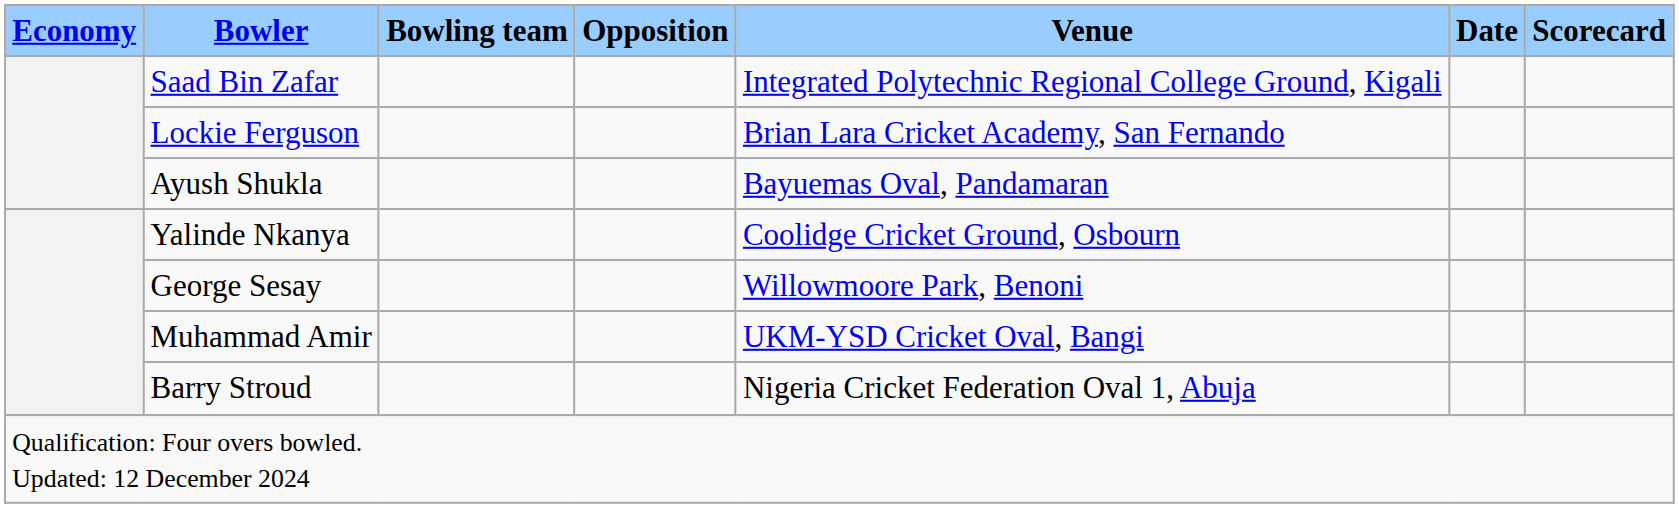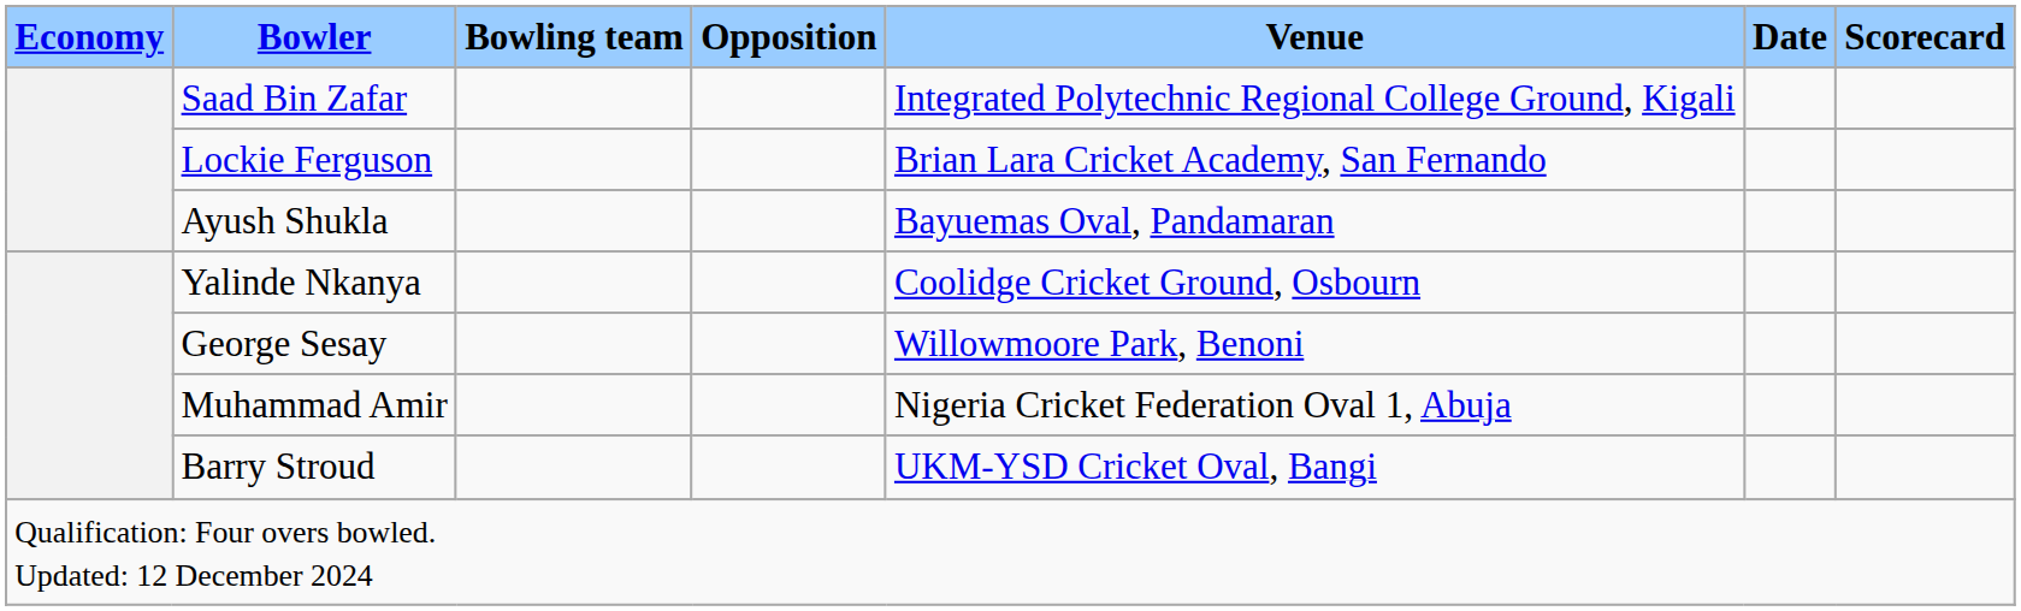 <table class="wikitable sortable defaultleft" style="font-size: 95%">
 <tr>
 <th scope="col" style="background-color:#9cf;"><a href='#'>Economy</a></th>
 <th scope="col" style="background-color:#9cf;"><a href='#'>Bowler</a></th>
 <th scope="col" style="background-color:#9cf;">Bowling team</th>
 <th scope="col" style="background-color:#9cf;">Opposition</th>
 <th scope="col" style="background-color:#9cf;">Venue</th>
 <th scope="col" style="background-color:#9cf;">Date</th>
 <th scope="col" style="background-color:#9cf;">Scorecard</th>
 </tr>
 <tr>
 <th scope=row style=text-align:center; rowspan=3></th>
 <td><a href='#'>Saad Bin Zafar</a></td>
 <td></td>
 <td></td>
 <td><a href='#'>Integrated Polytechnic Regional College Ground</a>, <a href='#'>Kigali</a></td>
 <td></td>
 <td></td>
 </tr>
 <tr>
 <td><a href='#'>Lockie Ferguson</a></td>
 <td></td>
 <td></td>
 <td><a href='#'>Brian Lara Cricket Academy</a>, <a href='#'>San Fernando</a></td>
 <td></td>
 <td></td>
 </tr>
 <tr>
 <td>Ayush Shukla</td>
 <td></td>
 <td></td>
 <td><a href='#'>Bayuemas Oval</a>, <a href='#'>Pandamaran</a></td>
 <td></td>
 <td></td>
 </tr>
 <tr>
 <th scope=row style=text-align:center; rowspan=4></th>
 <td>Yalinde Nkanya</td>
 <td></td>
 <td></td>
 <td><a href='#'>Coolidge Cricket Ground</a>, <a href='#'>Osbourn</a></td>
 <td></td>
 <td></td>
 </tr>
 <tr>
 <td>George Sesay</td>
 <td></td>
 <td></td>
 <td><a href='#'>Willowmoore Park</a>, <a href='#'>Benoni</a></td>
 <td></td>
 <td></td>
 </tr>
 <tr>
 <td>Muhammad Amir</td>
 <td></td>
 <td></td>
-<td><a href='#'>UKM-YSD Cricket Oval</a>, <a href='#'>Bangi</a></td>
+<td>Nigeria Cricket Federation Oval 1, <a href='#'>Abuja</a></td>
 <td></td>
 <td></td>
 </tr>
 <tr>
 <td>Barry Stroud</td>
 <td></td>
 <td></td>
-<td>Nigeria Cricket Federation Oval 1, <a href='#'>Abuja</a></td>
+<td><a href='#'>UKM-YSD Cricket Oval</a>, <a href='#'>Bangi</a></td>
 <td></td>
 <td></td>
 </tr>
 <tr class=sortbottom>
 <td colspan=7 style="text-align:left;"><small>Qualification: Four overs bowled. <br> Updated: 12 December 2024</small></td>
 </tr>
 </table>
